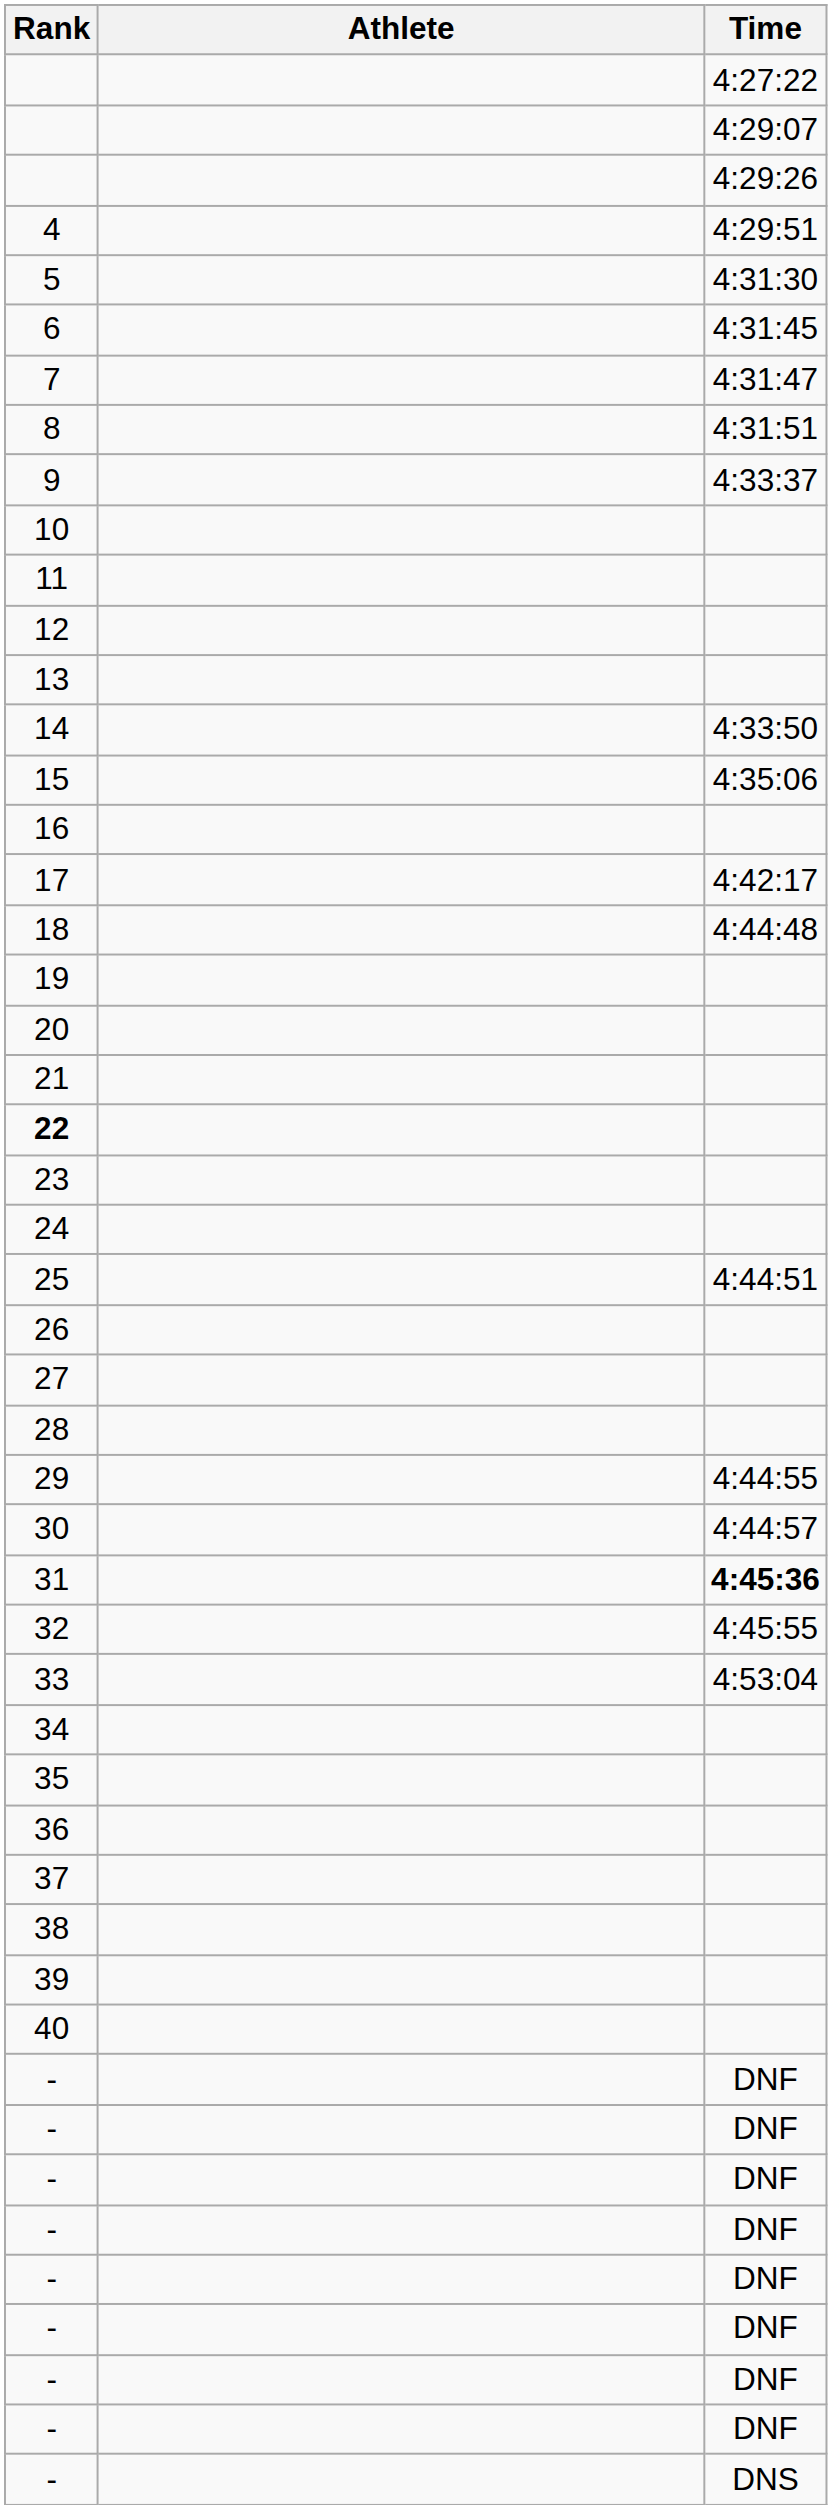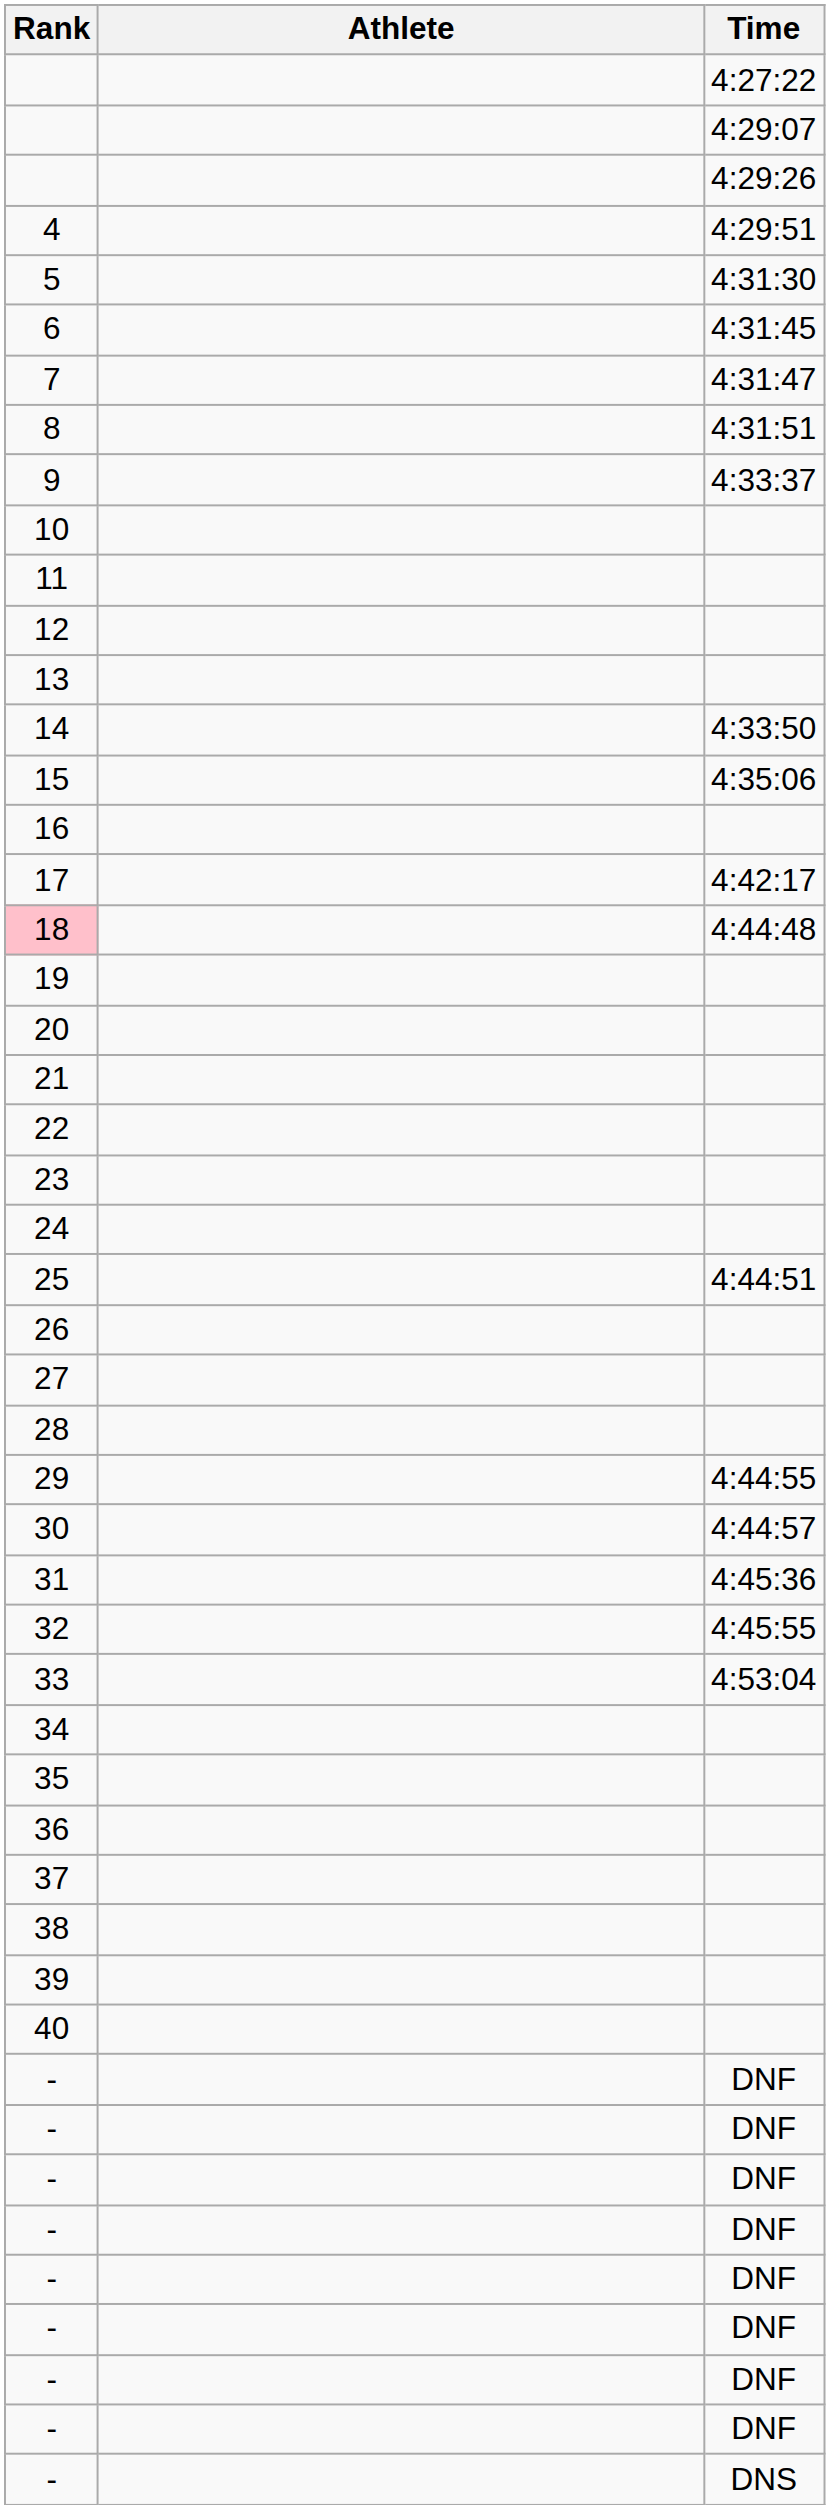 <table class=wikitable style="text-align:center">
 <tr>
 <th width=40>Rank</th>
 <th width=300>Athlete</th>
 <th width=50>Time</th>
 </tr>
 <tr>
 <td></td>
 <td style="text-align:left"></td>
 <td>4:27:22</td>
 </tr>
 <tr>
 <td></td>
 <td style="text-align:left"></td>
 <td>4:29:07</td>
 </tr>
 <tr>
 <td></td>
 <td style="text-align:left"></td>
 <td>4:29:26</td>
 </tr>
 <tr>
 <td>4</td>
 <td style="text-align:left"></td>
 <td>4:29:51</td>
 </tr>
 <tr>
 <td>5</td>
 <td style="text-align:left"></td>
 <td>4:31:30</td>
 </tr>
 <tr>
 <td>6</td>
 <td style="text-align:left"></td>
 <td>4:31:45</td>
 </tr>
 <tr>
 <td>7</td>
 <td style="text-align:left"></td>
 <td>4:31:47</td>
 </tr>
 <tr>
 <td>8</td>
 <td style="text-align:left"></td>
 <td>4:31:51</td>
 </tr>
 <tr>
 <td>9</td>
 <td style="text-align:left"></td>
 <td>4:33:37</td>
 </tr>
 <tr>
 <td>10</td>
 <td style="text-align:left"></td>
 <td></td>
 </tr>
 <tr>
 <td>11</td>
 <td style="text-align:left"></td>
 <td></td>
 </tr>
 <tr>
 <td>12</td>
 <td style="text-align:left"></td>
 <td></td>
 </tr>
 <tr>
 <td>13</td>
 <td style="text-align:left"></td>
 <td></td>
 </tr>
 <tr>
 <td>14</td>
 <td style="text-align:left"></td>
 <td>4:33:50</td>
 </tr>
 <tr>
 <td>15</td>
 <td style="text-align:left"></td>
 <td>4:35:06</td>
 </tr>
 <tr>
 <td>16</td>
 <td style="text-align:left"></td>
 <td></td>
 </tr>
 <tr>
 <td>17</td>
 <td style="text-align:left"></td>
 <td>4:42:17</td>
 </tr>
 <tr>
-<td>18</td>
+<td style="background: pink;">18</td>
 <td style="text-align:left"></td>
 <td>4:44:48</td>
 </tr>
 <tr>
 <td>19</td>
 <td style="text-align:left"></td>
 <td></td>
 </tr>
 <tr>
 <td>20</td>
 <td style="text-align:left"></td>
 <td></td>
 </tr>
 <tr>
 <td>21</td>
 <td style="text-align:left"></td>
 <td></td>
 </tr>
 <tr>
-<td><strong>22</strong></td>
+<td>22</td>
 <td style="text-align:left"></td>
 <td></td>
 </tr>
 <tr>
 <td>23</td>
 <td style="text-align:left"></td>
 <td></td>
 </tr>
 <tr>
 <td>24</td>
 <td style="text-align:left"></td>
 <td></td>
 </tr>
 <tr>
 <td>25</td>
 <td style="text-align:left"></td>
 <td>4:44:51</td>
 </tr>
 <tr>
 <td>26</td>
 <td style="text-align:left"></td>
 <td></td>
 </tr>
 <tr>
 <td>27</td>
 <td style="text-align:left"></td>
 <td></td>
 </tr>
 <tr>
 <td>28</td>
 <td style="text-align:left"></td>
 <td></td>
 </tr>
 <tr>
 <td>29</td>
 <td style="text-align:left"></td>
 <td>4:44:55</td>
 </tr>
 <tr>
 <td>30</td>
 <td style="text-align:left"></td>
 <td>4:44:57</td>
 </tr>
 <tr>
 <td>31</td>
 <td style="text-align:left"></td>
-<td><strong>4:45:36</strong></td>
+<td>4:45:36</td>
 </tr>
 <tr>
 <td>32</td>
 <td style="text-align:left"></td>
 <td>4:45:55</td>
 </tr>
 <tr>
 <td>33</td>
 <td style="text-align:left"></td>
 <td>4:53:04</td>
 </tr>
 <tr>
 <td>34</td>
 <td style="text-align:left"></td>
 <td></td>
 </tr>
 <tr>
 <td>35</td>
 <td style="text-align:left"></td>
 <td></td>
 </tr>
 <tr>
 <td>36</td>
 <td style="text-align:left"></td>
 <td></td>
 </tr>
 <tr>
 <td>37</td>
 <td style="text-align:left"></td>
 <td></td>
 </tr>
 <tr>
 <td>38</td>
 <td style="text-align:left"></td>
 <td></td>
 </tr>
 <tr>
 <td>39</td>
 <td style="text-align:left"></td>
 <td></td>
 </tr>
 <tr>
 <td>40</td>
 <td style="text-align:left"></td>
 <td></td>
 </tr>
 <tr>
 <td>-</td>
 <td style="text-align:left"></td>
 <td>DNF</td>
 </tr>
 <tr>
 <td>-</td>
 <td style="text-align:left"></td>
 <td>DNF</td>
 </tr>
 <tr>
 <td>-</td>
 <td style="text-align:left"></td>
 <td>DNF</td>
 </tr>
 <tr>
 <td>-</td>
 <td style="text-align:left"></td>
 <td>DNF</td>
 </tr>
 <tr>
 <td>-</td>
 <td style="text-align:left"></td>
 <td>DNF</td>
 </tr>
 <tr>
 <td>-</td>
 <td style="text-align:left"></td>
 <td>DNF</td>
 </tr>
 <tr>
 <td>-</td>
 <td style="text-align:left"></td>
 <td>DNF</td>
 </tr>
 <tr>
 <td>-</td>
 <td style="text-align:left"></td>
 <td>DNF</td>
 </tr>
 <tr>
 <td>-</td>
 <td style="text-align:left"></td>
 <td>DNS</td>
 </tr>
 </table>
